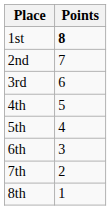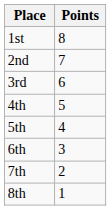 <table class="wikitable">
 <tr>
 <th scope="col" width="50">Place</th>
 <th scope="col" width="50">Points</th>
 </tr>
 <tr>
 <td>1st</td>
-<td><strong>8</strong></td>
+<td>8</td>
 </tr>
 <tr>
 <td>2nd</td>
 <td>7</td>
 </tr>
 <tr>
 <td>3rd</td>
 <td>6</td>
 </tr>
 <tr>
 <td>4th</td>
 <td>5</td>
 </tr>
 <tr>
 <td>5th</td>
 <td>4</td>
 </tr>
 <tr>
 <td>6th</td>
 <td>3</td>
 </tr>
 <tr>
 <td>7th</td>
 <td>2</td>
 </tr>
 <tr>
 <td>8th</td>
 <td>1</td>
 </tr>
 </table>
